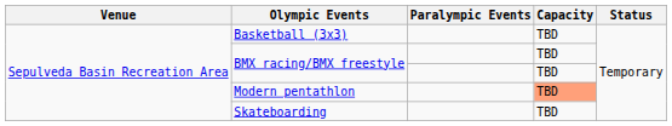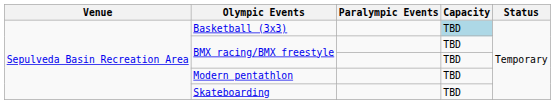 <table class="sortable wikitable">
 <tr>
 <th>Venue</th>
 <th>Olympic Events</th>
 <th>Paralympic Events</th>
 <th>Capacity</th>
 <th>Status</th>
 </tr>
 <tr>
 <td rowspan="5"><a href='#'>Sepulveda Basin Recreation Area</a></td>
 <td><a href='#'>Basketball (3x3)</a></td>
 <td></td>
-<td>TBD</td>
+<td style="background: lightblue;">TBD</td>
 <td rowspan="5">Temporary</td>
 </tr>
 <tr>
 <td rowspan="2"><a href='#'>BMX racing/BMX freestyle</a></td>
 <td></td>
 <td>TBD</td>
 </tr>
 <tr>
 <td></td>
 <td>TBD</td>
 </tr>
 <tr>
 <td><a href='#'>Modern pentathlon</a></td>
 <td></td>
-<td style="background: lightsalmon;">TBD</td>
+<td>TBD</td>
 </tr>
 <tr>
 <td><a href='#'>Skateboarding</a></td>
 <td></td>
 <td>TBD</td>
 </tr>
 </table>
